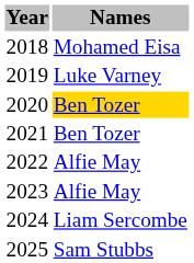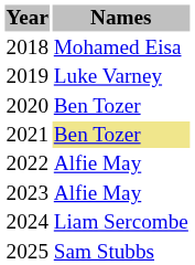 <table class="toccolours">
 <tr>
 <th bgcolor=silver>Year</th>
 <th bgcolor=silver>Names</th>
 </tr>
 <tr>
 <td>2018</td>
 <td> <a href='#'>Mohamed Eisa</a></td>
 </tr>
 <tr>
 <td>2019</td>
 <td> <a href='#'>Luke Varney</a></td>
 </tr>
 <tr>
 <td>2020</td>
-<td style="background: gold;"> <a href='#'>Ben Tozer</a></td>
+<td> <a href='#'>Ben Tozer</a></td>
 </tr>
 <tr>
 <td>2021</td>
-<td> <a href='#'>Ben Tozer</a></td>
+<td style="background: khaki;"> <a href='#'>Ben Tozer</a></td>
 </tr>
 <tr>
 <td>2022</td>
 <td> <a href='#'>Alfie May</a></td>
 </tr>
 <tr>
 <td>2023</td>
 <td> <a href='#'>Alfie May</a></td>
 </tr>
 <tr>
 <td>2024</td>
 <td> <a href='#'>Liam Sercombe</a></td>
 </tr>
 <tr>
 <td>2025</td>
 <td> <a href='#'>Sam Stubbs</a></td>
 </tr>
 </table>
